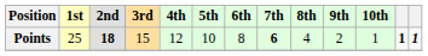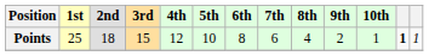 <table class="wikitable" style="font-size:85%; text-align:center">
 <tr>
 <th>Position</th>
 <td style="background:#ffffbf;"> <strong>1st</strong> </td>
 <td style="background:#dfdfdf;"> <strong>2nd</strong> </td>
 <td style="background:#ffdf9f;"> <strong>3rd</strong> </td>
 <td style="background:#dfffdf;"> <strong>4th</strong> </td>
 <td style="background:#dfffdf;"> <strong>5th</strong> </td>
 <td style="background:#dfffdf;"> <strong>6th</strong> </td>
 <td style="background:#dfffdf;"> <strong>7th</strong> </td>
 <td style="background:#dfffdf;"> <strong>8th</strong> </td>
 <td style="background:#dfffdf;"> <strong>9th</strong> </td>
 <td style="background:#dfffdf;"> <strong>10th</strong> </td>
 <th></th>
 <th></th>
 </tr>
 <tr>
 <th>Points</th>
 <td style="background:#ffffbf;">25</td>
-<td style="background:#dfdfdf;"><strong>18</strong></td>
+<td style="background:#dfdfdf;">18</td>
 <td style="background:#ffdf9f;">15</td>
 <td style="background:#dfffdf;">12</td>
 <td style="background:#dfffdf;">10</td>
 <td style="background:#dfffdf;">8</td>
-<td style="background:#dfffdf;"><strong>6</strong></td>
+<td style="background:#dfffdf;">6</td>
 <td style="background:#dfffdf;">4</td>
 <td style="background:#dfffdf;">2</td>
 <td style="background:#dfffdf;">1</td>
 <td><strong>1</strong></td>
-<td><strong><em>1</em></strong></td>
+<td><em>1</em></td>
 </tr>
 <tr>
 </tr>
 </table>
